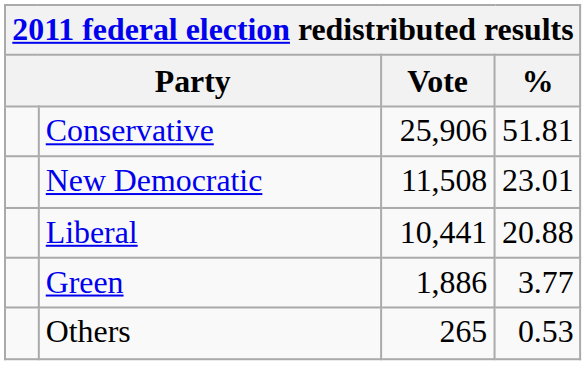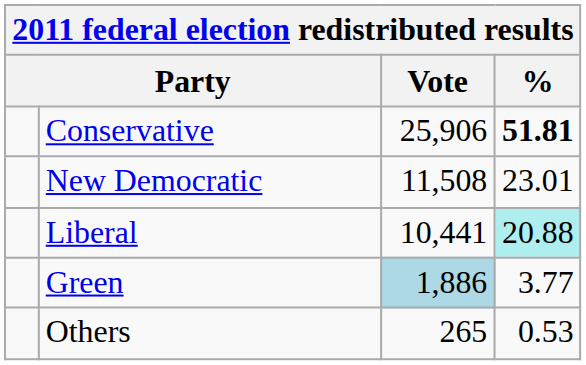 <table class="wikitable">
 <tr>
 <th colspan="4"><a href='#'>2011 federal election</a> redistributed results</th>
 </tr>
 <tr>
 <th bgcolor="#DDDDFF" width="130px" colspan="2">Party</th>
 <th bgcolor="#DDDDFF" width="50px">Vote</th>
 <th bgcolor="#DDDDFF" width="30px">%</th>
 </tr>
 <tr>
 <td> </td>
 <td><a href='#'>Conservative</a></td>
 <td align=right>25,906</td>
-<td align=right>51.81</td>
+<td align=right><strong>51.81</strong></td>
 </tr>
 <tr>
 <td> </td>
 <td><a href='#'>New Democratic</a></td>
 <td align=right>11,508</td>
 <td align=right>23.01</td>
 </tr>
 <tr>
 <td> </td>
 <td><a href='#'>Liberal</a></td>
 <td align=right>10,441</td>
-<td align=right>20.88</td>
+<td align=right style="background: paleturquoise;">20.88</td>
 </tr>
 <tr>
 <td> </td>
 <td><a href='#'>Green</a></td>
-<td align=right>1,886</td>
+<td align=right style="background: lightblue;">1,886</td>
 <td align=right>3.77</td>
 </tr>
 <tr>
 <td> </td>
 <td>Others</td>
 <td align=right>265</td>
 <td align=right>0.53</td>
 </tr>
 </table>
